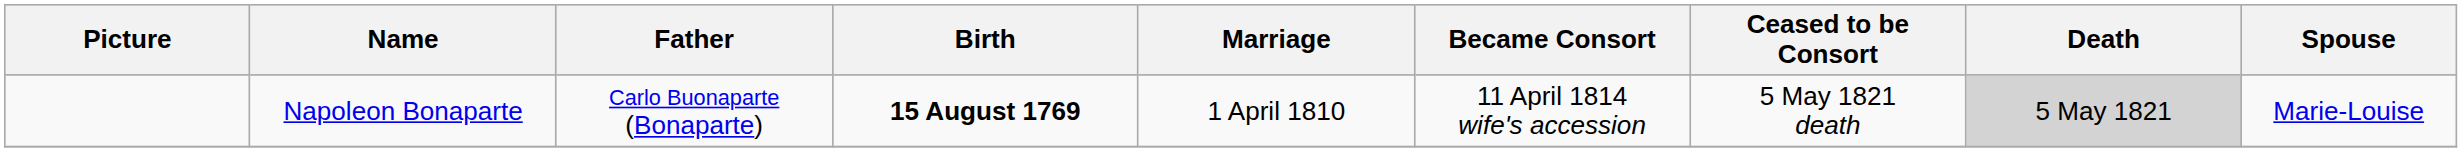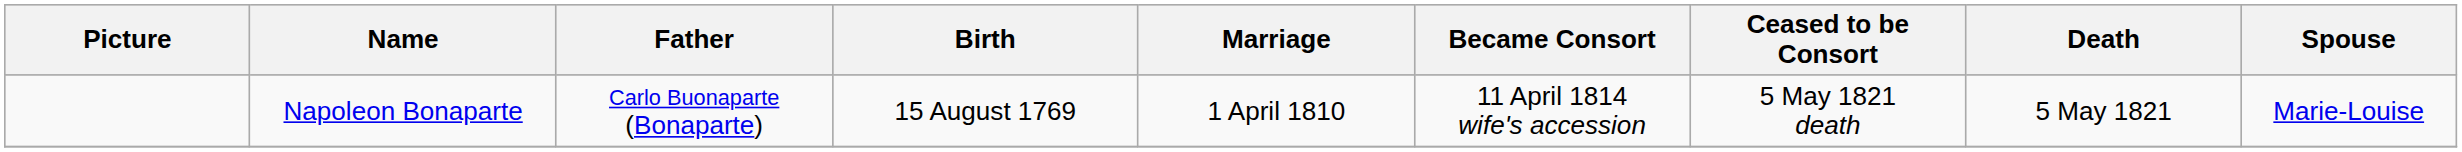 <table width=95% class="wikitable">
 <tr>
 <th width = "8%">Picture</th>
 <th width = "10%">Name</th>
 <th width = "9%">Father</th>
 <th width = "10%">Birth</th>
 <th width = "9%">Marriage</th>
 <th width = "9%">Became Consort</th>
 <th width = "9%">Ceased to be Consort</th>
 <th width = "9%">Death</th>
 <th width = "7%">Spouse</th>
 </tr>
 <tr>
 <td align="center"></td>
 <td align="center"><a href='#'>Napoleon Bonaparte</a></td>
 <td align="center"><small><a href='#'>Carlo Buonaparte</a></small><br> (<a href='#'>Bonaparte</a>)</td>
-<td align="center"><strong>15 August 1769</strong></td>
+<td align="center">15 August 1769</td>
 <td align="center">1 April 1810</td>
 <td align="center">11 April 1814<br><em>wife's accession</em></td>
 <td align="center">5 May 1821<br><em>death</em></td>
-<td align="center" style="background: lightgrey;">5 May 1821</td>
+<td align="center">5 May 1821</td>
 <td align="center"><a href='#'>Marie-Louise</a></td>
 </tr>
 <tr>
 </tr>
 </table>
